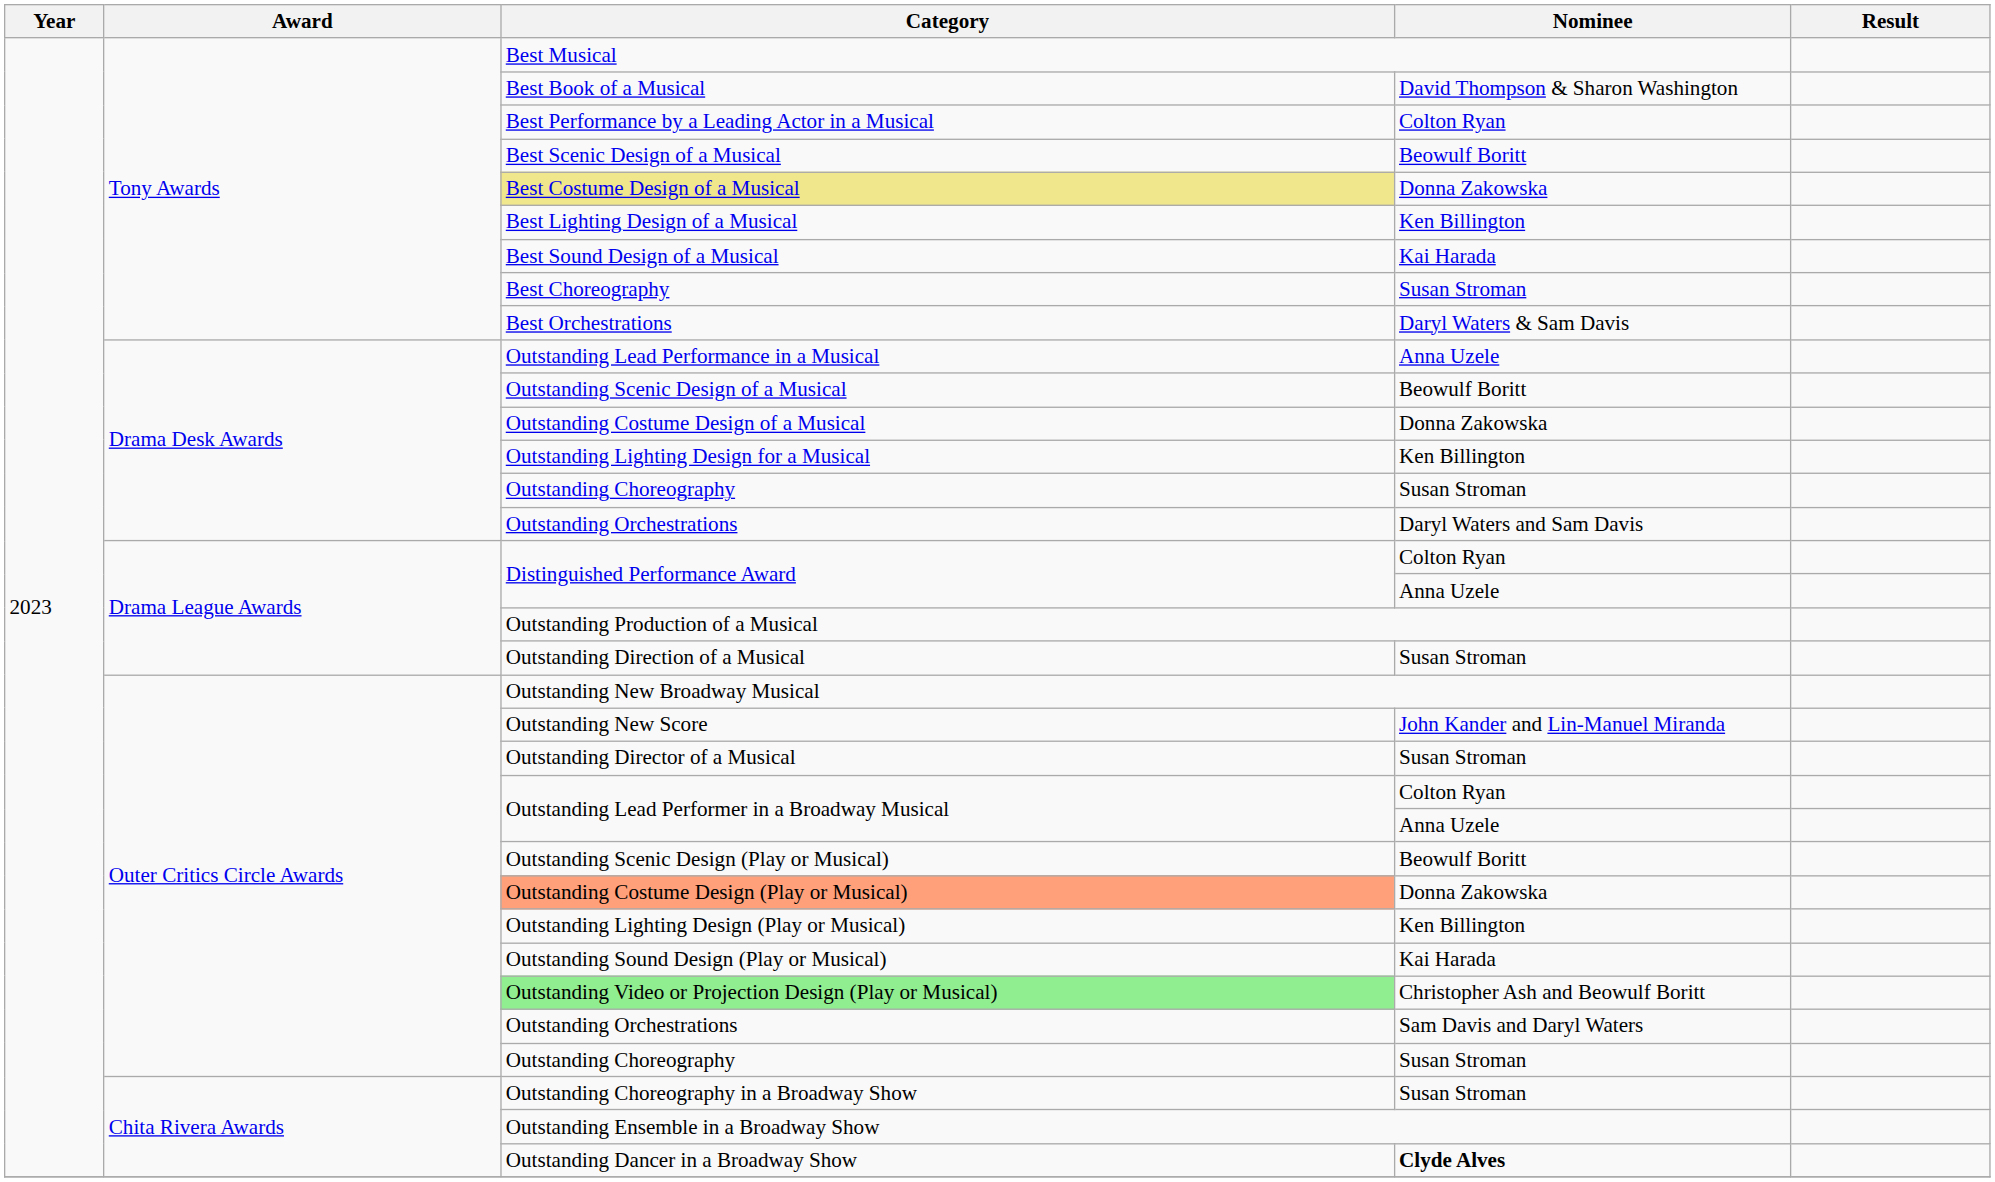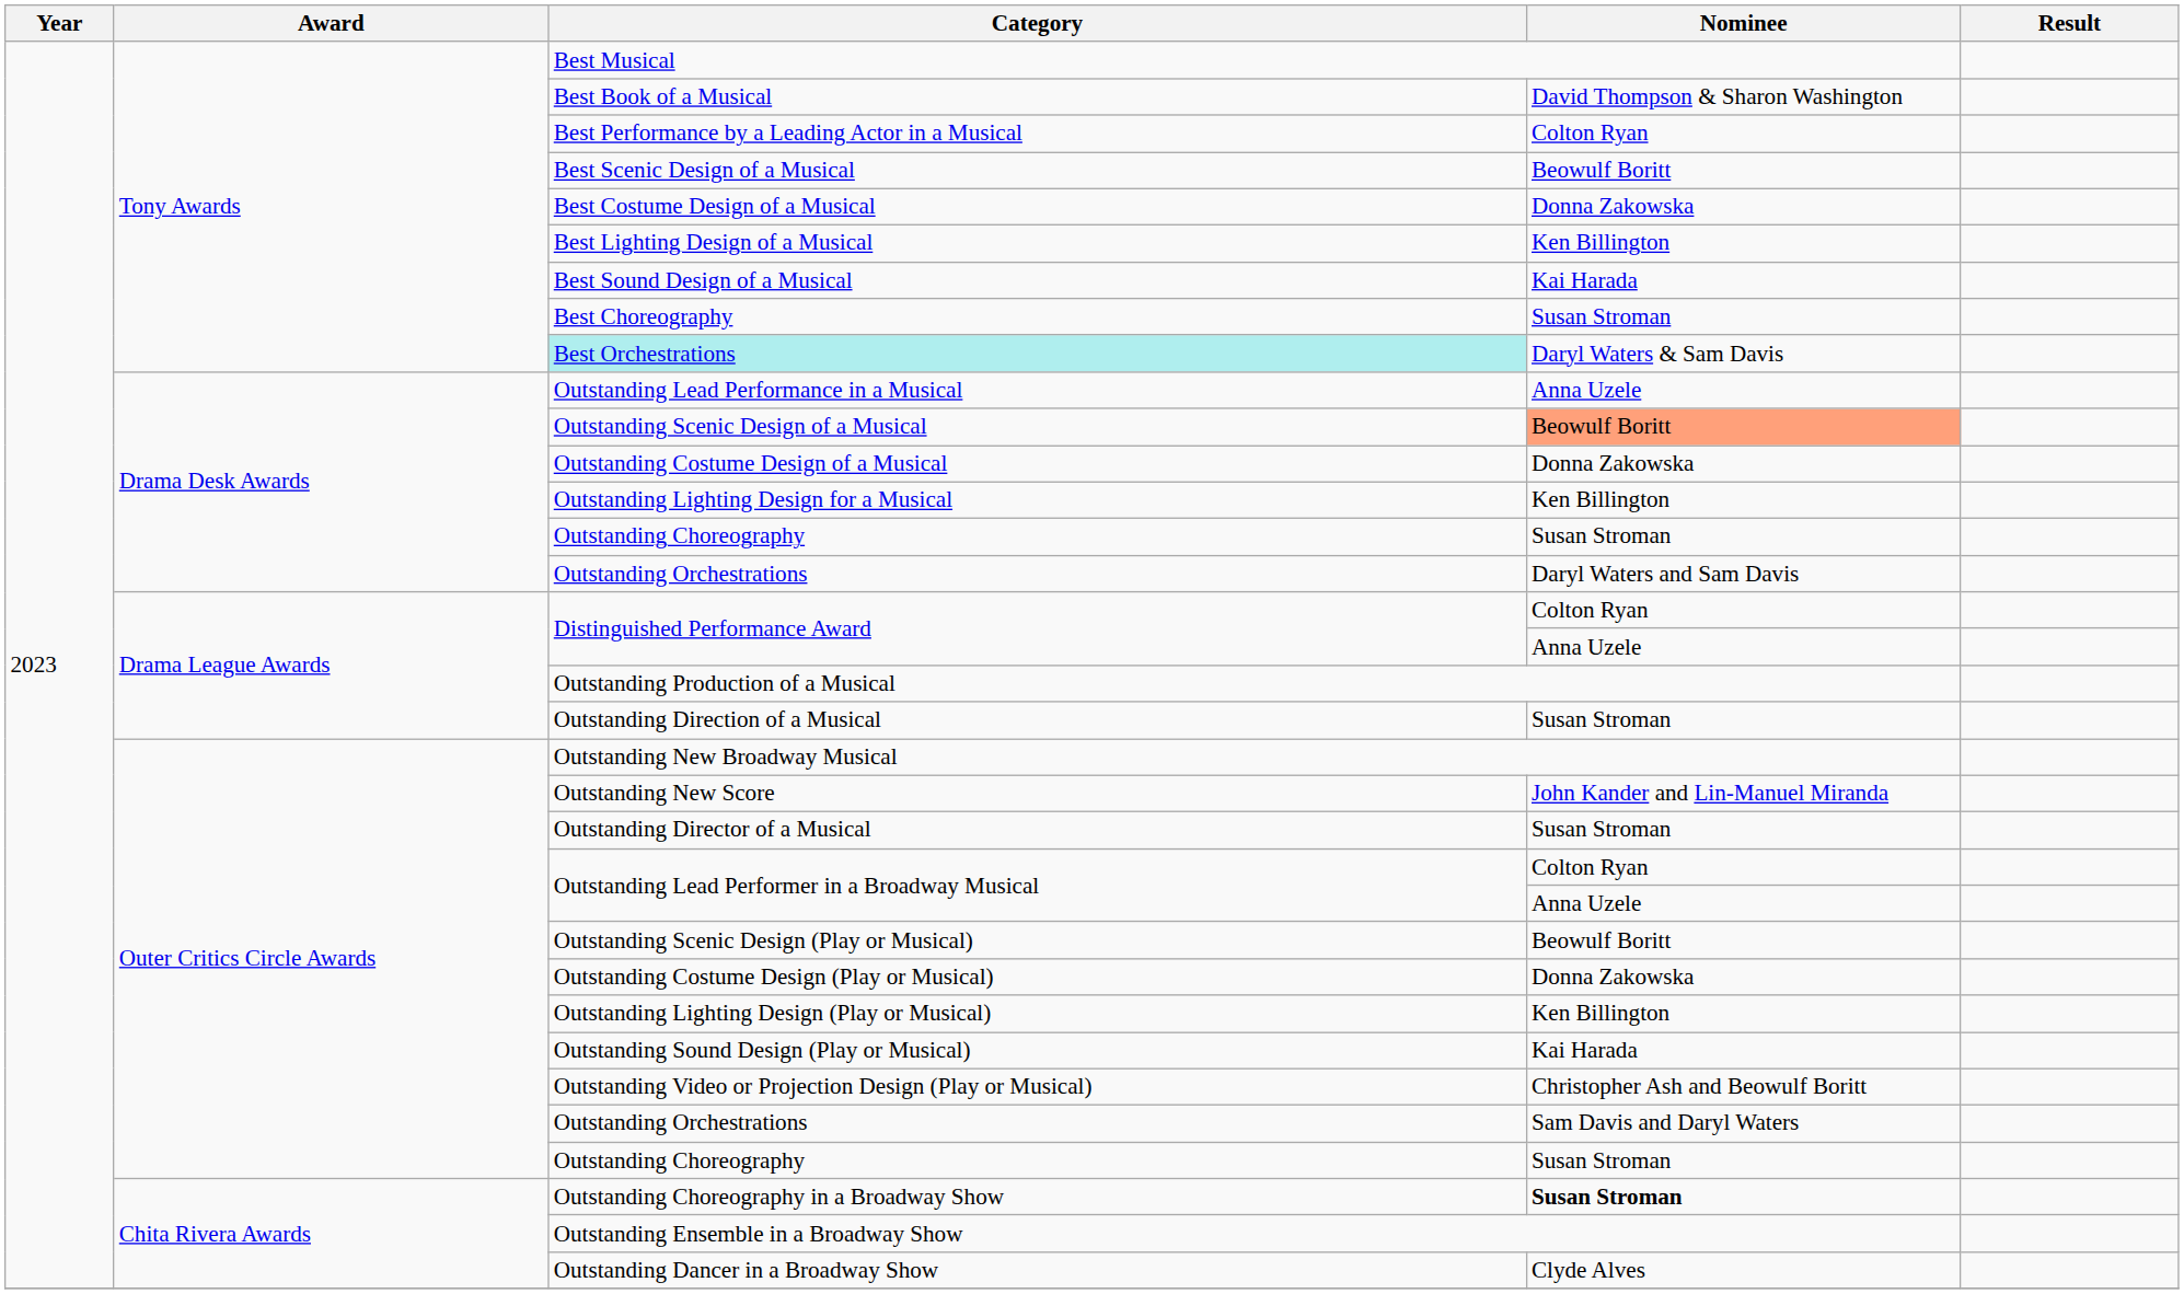 <table class="wikitable" width="95%">
 <tr>
 <th width="5%">Year</th>
 <th width="20%">Award</th>
 <th width="45%">Category</th>
 <th width="20%">Nominee</th>
 <th width="10%">Result</th>
 </tr>
 <tr>
 <td rowspan="34">2023</td>
 <td rowspan="9"><a href='#'>Tony Awards</a></td>
 <td colspan="2"><a href='#'>Best Musical</a></td>
 <td></td>
 </tr>
 <tr>
 <td><a href='#'>Best Book of a Musical</a></td>
 <td><a href='#'>David Thompson</a> & Sharon Washington</td>
 <td></td>
 </tr>
 <tr>
 <td><a href='#'>Best Performance by a Leading Actor in a Musical</a></td>
 <td><a href='#'>Colton Ryan</a></td>
 <td></td>
 </tr>
 <tr>
 <td><a href='#'>Best Scenic Design of a Musical</a></td>
 <td><a href='#'>Beowulf Boritt</a></td>
 <td></td>
 </tr>
 <tr>
-<td style="background: khaki;"><a href='#'>Best Costume Design of a Musical</a></td>
+<td><a href='#'>Best Costume Design of a Musical</a></td>
 <td><a href='#'>Donna Zakowska</a></td>
 <td></td>
 </tr>
 <tr>
 <td><a href='#'>Best Lighting Design of a Musical</a></td>
 <td><a href='#'>Ken Billington</a></td>
 <td></td>
 </tr>
 <tr>
 <td><a href='#'>Best Sound Design of a Musical</a></td>
 <td><a href='#'>Kai Harada</a></td>
 <td></td>
 </tr>
 <tr>
 <td><a href='#'>Best Choreography</a></td>
 <td><a href='#'>Susan Stroman</a></td>
 <td></td>
 </tr>
 <tr>
-<td><a href='#'>Best Orchestrations</a></td>
+<td style="background: paleturquoise;"><a href='#'>Best Orchestrations</a></td>
 <td><a href='#'>Daryl Waters</a> & Sam Davis</td>
 <td></td>
 </tr>
 <tr>
 <td rowspan="6"><a href='#'>Drama Desk Awards</a></td>
 <td><a href='#'>Outstanding Lead Performance in a Musical</a></td>
 <td><a href='#'>Anna Uzele</a></td>
 <td></td>
 </tr>
 <tr>
 <td><a href='#'>Outstanding Scenic Design of a Musical</a></td>
-<td>Beowulf Boritt</td>
+<td style="background: lightsalmon;">Beowulf Boritt</td>
 <td></td>
 </tr>
 <tr>
 <td><a href='#'>Outstanding Costume Design of a Musical</a></td>
 <td>Donna Zakowska</td>
 <td></td>
 </tr>
 <tr>
 <td><a href='#'>Outstanding Lighting Design for a Musical</a></td>
 <td>Ken Billington</td>
 <td></td>
 </tr>
 <tr>
 <td><a href='#'>Outstanding Choreography</a></td>
 <td>Susan Stroman</td>
 <td></td>
 </tr>
 <tr>
 <td><a href='#'>Outstanding Orchestrations</a></td>
 <td>Daryl Waters and Sam Davis</td>
 <td></td>
 </tr>
 <tr>
 <td rowspan="4"><a href='#'>Drama League Awards</a></td>
 <td rowspan="2"><a href='#'>Distinguished Performance Award</a></td>
 <td>Colton Ryan</td>
 <td></td>
 </tr>
 <tr>
 <td>Anna Uzele</td>
 <td></td>
 </tr>
 <tr>
 <td colspan="2">Outstanding Production of a Musical</td>
 <td></td>
 </tr>
 <tr>
 <td>Outstanding Direction of a Musical</td>
 <td>Susan Stroman</td>
 <td></td>
 </tr>
 <tr>
 <td rowspan="12"><a href='#'>Outer Critics Circle Awards</a></td>
 <td colspan="2">Outstanding New Broadway Musical</td>
 <td></td>
 </tr>
 <tr>
 <td>Outstanding New Score</td>
 <td rowspan="1"><a href='#'>John Kander</a> and <a href='#'>Lin-Manuel Miranda</a></td>
 <td></td>
 </tr>
 <tr>
 <td>Outstanding Director of a Musical</td>
 <td rowspan="1">Susan Stroman</td>
 <td></td>
 </tr>
 <tr>
 <td rowspan="2">Outstanding Lead Performer in a Broadway Musical</td>
 <td>Colton Ryan</td>
 <td></td>
 </tr>
 <tr>
 <td>Anna Uzele</td>
 <td></td>
 </tr>
 <tr>
 <td>Outstanding Scenic Design (Play or Musical)</td>
 <td>Beowulf Boritt</td>
 <td></td>
 </tr>
 <tr>
-<td style="background: lightsalmon;">Outstanding Costume Design (Play or Musical)</td>
+<td>Outstanding Costume Design (Play or Musical)</td>
 <td>Donna Zakowska</td>
 <td></td>
 </tr>
 <tr>
 <td>Outstanding Lighting Design (Play or Musical)</td>
 <td>Ken Billington</td>
 <td></td>
 </tr>
 <tr>
 <td>Outstanding Sound Design (Play or Musical)</td>
 <td>Kai Harada</td>
 <td></td>
 </tr>
 <tr>
-<td style="background: lightgreen;">Outstanding Video or Projection Design (Play or Musical)</td>
+<td>Outstanding Video or Projection Design (Play or Musical)</td>
 <td>Christopher Ash and Beowulf Boritt</td>
 <td></td>
 </tr>
 <tr>
 <td>Outstanding Orchestrations</td>
 <td>Sam Davis and Daryl Waters</td>
 <td></td>
 </tr>
 <tr>
 <td>Outstanding Choreography</td>
 <td>Susan Stroman</td>
 <td></td>
 </tr>
 <tr>
 <td rowspan=3><a href='#'>Chita Rivera Awards</a></td>
 <td>Outstanding Choreography in a Broadway Show</td>
-<td>Susan Stroman</td>
+<td><strong>Susan Stroman</strong></td>
 <td></td>
 </tr>
 <tr>
 <td colspan=2>Outstanding Ensemble in a Broadway Show</td>
 <td></td>
 </tr>
 <tr>
 <td>Outstanding Dancer in a Broadway Show</td>
-<td><strong>Clyde Alves</strong></td>
+<td>Clyde Alves</td>
 <td></td>
 </tr>
 <tr>
 </tr>
 </table>
